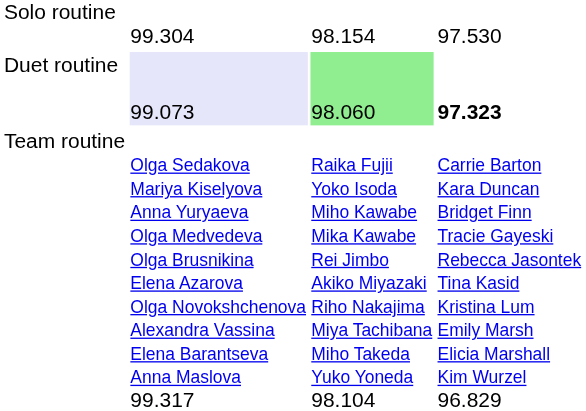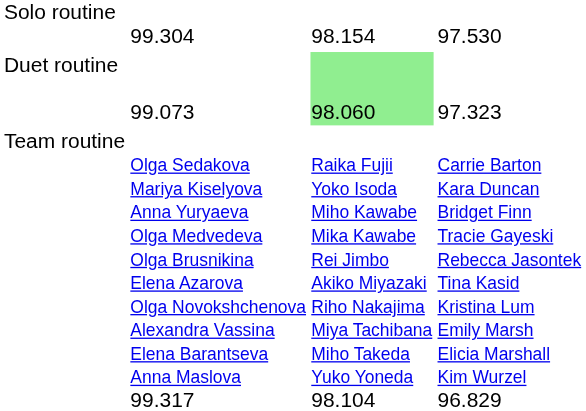 <table>
 <tr valign="top">
 <td>Solo routine<br><div></div></td>
 <td><br>99.304</td>
 <td><br>98.154</td>
 <td><br>97.530</td>
 </tr>
 <tr valign="top">
 <td>Duet routine<br><div></div></td>
-<td style="background: lavender;"><br><br>99.073</td>
+<td><br><br>99.073</td>
 <td style="background: lightgreen;"><br><br>98.060</td>
-<td><strong><br><br>97.323</strong></td>
+<td><br><br>97.323</td>
 </tr>
 <tr valign="top">
 <td>Team routine<br><div></div></td>
 <td><br><small><a href='#'>Olga Sedakova</a><br><a href='#'>Mariya Kiselyova</a><br><a href='#'>Anna Yuryaeva</a><br><a href='#'>Olga Medvedeva</a><br><a href='#'>Olga Brusnikina</a><br><a href='#'>Elena Azarova</a><br><a href='#'>Olga Novokshchenova</a><br><a href='#'>Alexandra Vassina</a><br><a href='#'>Elena Barantseva</a><br><a href='#'>Anna Maslova</a></small><br>99.317</td>
 <td><br><small><a href='#'>Raika Fujii</a><br><a href='#'>Yoko Isoda</a><br><a href='#'>Miho Kawabe</a><br><a href='#'>Mika Kawabe</a><br><a href='#'>Rei Jimbo</a><br><a href='#'>Akiko Miyazaki</a><br><a href='#'>Riho Nakajima</a><br><a href='#'>Miya Tachibana</a><br><a href='#'>Miho Takeda</a><br><a href='#'>Yuko Yoneda</a></small><br>98.104</td>
 <td><br><small><a href='#'>Carrie Barton</a><br><a href='#'>Kara Duncan</a><br><a href='#'>Bridget Finn</a><br><a href='#'>Tracie Gayeski</a><br><a href='#'>Rebecca Jasontek</a><br><a href='#'>Tina Kasid</a><br><a href='#'>Kristina Lum</a><br><a href='#'>Emily Marsh</a><br><a href='#'>Elicia Marshall</a><br><a href='#'>Kim Wurzel</a></small><br>96.829</td>
 </tr>
 </table>
